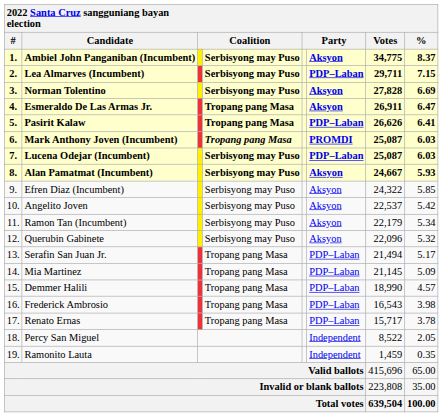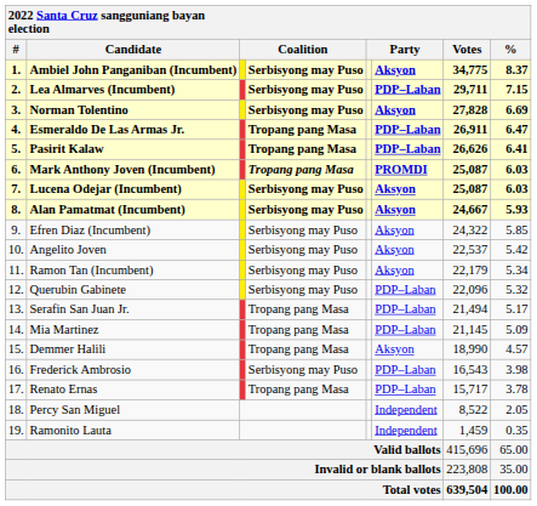 <table class="wikitable" style="text-align:right">
 <tr>
 <th colspan="8" style="text-align:left;">2022 <a href='#'>Santa Cruz</a> sangguniang bayan<br>election</th>
 </tr>
 <tr>
 <th>#</th>
 <th>Candidate</th>
 <th colspan="2">Coalition</th>
 <th colspan="2">Party</th>
 <th>Votes</th>
 <th>%</th>
 </tr>
 <tr style="background-color:#FFFFCC;">
 <td style="text-align:center;"><strong>1.</strong></td>
 <td style="text-align:left;"><strong>Ambiel John Panganiban (Incumbent)</strong></td>
 <td style="background-color:#FFEF00;"></td>
 <td style="text-align:left;"><strong>Serbisyong may Puso</strong></td>
 <td style="background:"></td>
 <td style="text-align:left;"><strong><a href='#'>Aksyon</a></strong></td>
 <td><strong>34,775</strong></td>
 <td><strong>8.37</strong></td>
 </tr>
 <tr style="background-color:#FFFFCC;">
 <td style="text-align:center;"><strong>2.</strong></td>
 <td style="text-align:left;"><strong>Lea Almarves (Incumbent)</strong></td>
 <td style="background-color:#ED3239;"></td>
 <td style="text-align:left;"><strong>Serbisyong may Puso</strong></td>
 <td style="background:"></td>
 <td style="text-align:left;"><strong><a href='#'>PDP–Laban</a></strong></td>
 <td><strong>29,711</strong></td>
 <td><strong>7.15</strong></td>
 </tr>
 <tr style="background-color:#FFFFCC;">
 <td style="text-align:center;"><strong>3.</strong></td>
 <td style="text-align:left;"><strong>Norman Tolentino</strong></td>
 <td style="background-color:#FFEF00;"></td>
 <td style="text-align:left;"><strong>Serbisyong may Puso</strong></td>
 <td style="background:"></td>
 <td style="text-align:left;"><strong><a href='#'>Aksyon</a></strong></td>
 <td><strong>27,828</strong></td>
 <td><strong>6.69</strong></td>
 </tr>
 <tr style="background-color:#FFFFCC;">
 <td style="text-align:center;"><strong>4.</strong></td>
 <td style="text-align:left;"><strong>Esmeraldo De Las Armas Jr.</strong></td>
 <td style="background-color:#ED3239;"></td>
 <td style="text-align:left;"><strong>Tropang pang Masa</strong></td>
 <td style="background:"></td>
-<td style="text-align:left;"><strong><a href='#'>Aksyon</a></strong></td>
+<td style="text-align:left;"><strong><a href='#'>PDP–Laban</a></strong></td>
 <td><strong>26,911</strong></td>
 <td><strong>6.47</strong></td>
 </tr>
 <tr style="background-color:#FFFFCC;">
 <td style="text-align:center;"><strong>5.</strong></td>
 <td style="text-align:left;"><strong>Pasirit Kalaw</strong></td>
 <td style="background-color:#ED3239;"></td>
 <td style="text-align:left;"><strong>Tropang pang Masa</strong></td>
 <td style="background:"></td>
 <td style="text-align:left;"><strong><a href='#'>PDP–Laban</a></strong></td>
 <td><strong>26,626</strong></td>
 <td><strong>6.41</strong></td>
 </tr>
 <tr style="background-color:#FFFFCC;">
 <td style="text-align:center;"><strong>6.</strong></td>
 <td style="text-align:left;"><strong>Mark Anthony Joven (Incumbent)</strong></td>
 <td style="background-color:#ED3239;"></td>
 <td style="text-align:left;"><strong><em>Tropang pang Masa</em></strong><br></td>
 <td style="background:"></td>
 <td style="text-align:left;"><strong><a href='#'>PROMDI</a></strong></td>
 <td><strong>25,087</strong></td>
 <td><strong>6.03</strong></td>
 </tr>
 <tr style="background-color:#FFFFCC;">
 <td style="text-align:center;"><strong>7.</strong></td>
 <td style="text-align:left;"><strong>Lucena Odejar (Incumbent)</strong></td>
 <td style="background-color:#FFEF00;"></td>
 <td style="text-align:left;"><strong>Serbisyong may Puso</strong></td>
 <td style="background:"></td>
-<td style="text-align:left;"><strong><a href='#'>PDP–Laban</a></strong></td>
+<td style="text-align:left;"><strong><a href='#'>Aksyon</a></strong></td>
 <td><strong>25,087</strong></td>
 <td><strong>6.03</strong></td>
 </tr>
 <tr style="background-color:#FFFFCC;">
 <td style="text-align:center;"><strong>8.</strong></td>
 <td style="text-align:left;"><strong>Alan Pamatmat (Incumbent)</strong></td>
 <td style="background-color:#FFEF00;"></td>
 <td style="text-align:left;"><strong>Serbisyong may Puso</strong></td>
 <td style="background:"></td>
 <td style="text-align:left;"><strong><a href='#'>Aksyon</a></strong></td>
 <td><strong>24,667</strong></td>
 <td><strong>5.93</strong></td>
 </tr>
 <tr>
 <td style="text-align:center;">9.</td>
 <td style="text-align:left;">Efren Diaz (Incumbent)</td>
 <td style="background-color:#FFEF00;"></td>
 <td style="text-align:left;">Serbisyong may Puso</td>
 <td style="background:"></td>
 <td style="text-align:left;"><a href='#'>Aksyon</a></td>
 <td>24,322</td>
 <td>5.85</td>
 </tr>
 <tr>
 <td style="text-align:center;">10.</td>
 <td style="text-align:left;">Angelito Joven</td>
 <td style="background-color:#FFEF00;"></td>
 <td style="text-align:left;">Serbisyong may Puso</td>
 <td style="background:"></td>
 <td style="text-align:left;"><a href='#'>Aksyon</a></td>
 <td>22,537</td>
 <td>5.42</td>
 </tr>
 <tr>
 <td style="text-align:center;">11.</td>
 <td style="text-align:left;">Ramon Tan (Incumbent)</td>
 <td style="background-color:#FFEF00;"></td>
 <td style="text-align:left;">Serbisyong may Puso</td>
 <td style="background:"></td>
 <td style="text-align:left;"><a href='#'>Aksyon</a></td>
 <td>22,179</td>
 <td>5.34</td>
 </tr>
 <tr>
 <td style="text-align:center;">12.</td>
 <td style="text-align:left;">Querubin Gabinete</td>
 <td style="background-color:#FFEF00;"></td>
 <td style="text-align:left;">Serbisyong may Puso</td>
 <td style="background:"></td>
-<td style="text-align:left;"><a href='#'>Aksyon</a></td>
+<td style="text-align:left;"><a href='#'>PDP–Laban</a></td>
 <td>22,096</td>
 <td>5.32</td>
 </tr>
 <tr>
 <td style="text-align:center;">13.</td>
 <td style="text-align:left;">Serafin San Juan Jr.</td>
 <td style="background-color:#ED3239;"></td>
 <td style="text-align:left;">Tropang pang Masa</td>
 <td style="background:"></td>
 <td style="text-align:left;"><a href='#'>PDP–Laban</a></td>
 <td>21,494</td>
 <td>5.17</td>
 </tr>
 <tr>
 <td style="text-align:center;">14.</td>
 <td style="text-align:left;">Mia Martinez</td>
 <td style="background-color:#ED3239;"></td>
 <td style="text-align:left;">Tropang pang Masa</td>
 <td style="background:"></td>
 <td style="text-align:left;"><a href='#'>PDP–Laban</a></td>
 <td>21,145</td>
 <td>5.09</td>
 </tr>
 <tr>
 <td style="text-align:center;">15.</td>
 <td style="text-align:left;">Demmer Halili</td>
 <td style="background-color:#ED3239;"></td>
 <td style="text-align:left;">Tropang pang Masa</td>
 <td style="background:"></td>
-<td style="text-align:left;"><a href='#'>PDP–Laban</a></td>
+<td style="text-align:left;"><a href='#'>Aksyon</a></td>
 <td>18,990</td>
 <td>4.57</td>
 </tr>
 <tr>
 <td style="text-align:center;">16.</td>
 <td style="text-align:left;">Frederick Ambrosio</td>
 <td style="background-color:#ED3239;"></td>
-<td style="text-align:left;">Tropang pang Masa</td>
+<td style="text-align:left;">Serbisyong may Puso</td>
 <td style="background:"></td>
 <td style="text-align:left;"><a href='#'>PDP–Laban</a></td>
 <td>16,543</td>
 <td>3.98</td>
 </tr>
 <tr>
 <td style="text-align:center;">17.</td>
 <td style="text-align:left;">Renato Ernas</td>
 <td style="background-color:#ED3239;"></td>
 <td style="text-align:left;">Tropang pang Masa</td>
 <td style="background:"></td>
 <td style="text-align:left;"><a href='#'>PDP–Laban</a></td>
 <td>15,717</td>
 <td>3.78</td>
 </tr>
 <tr>
 <td style="text-align:center;">18.</td>
 <td style="text-align:left;">Percy San Miguel</td>
 <td colspan="2"></td>
 <td style="background:"></td>
 <td style="text-align:left;"><a href='#'>Independent</a></td>
 <td>8,522</td>
 <td>2.05</td>
 </tr>
 <tr>
 <td style="text-align:center;">19.</td>
 <td style="text-align:left;">Ramonito Lauta</td>
 <td colspan="2"></td>
 <td style="background:"></td>
 <td style="text-align:left;"><a href='#'>Independent</a></td>
 <td>1,459</td>
 <td>0.35</td>
 </tr>
 <tr style="background-color:#F6F6F6;">
 <th colspan="6" style="text-align:right;">Valid ballots</th>
 <td>415,696</td>
 <td>65.00</td>
 </tr>
 <tr style="background-color:#F6F6F6;">
 <th colspan="6" style="text-align:right;">Invalid or blank ballots</th>
 <td>223,808</td>
 <td>35.00</td>
 </tr>
 <tr style="background-color:#F6F6F6;">
 <th colspan="6" style="text-align:right;">Total votes</th>
 <td><strong>639,504</strong></td>
 <td><strong>100.00</strong></td>
 </tr>
 </table>
